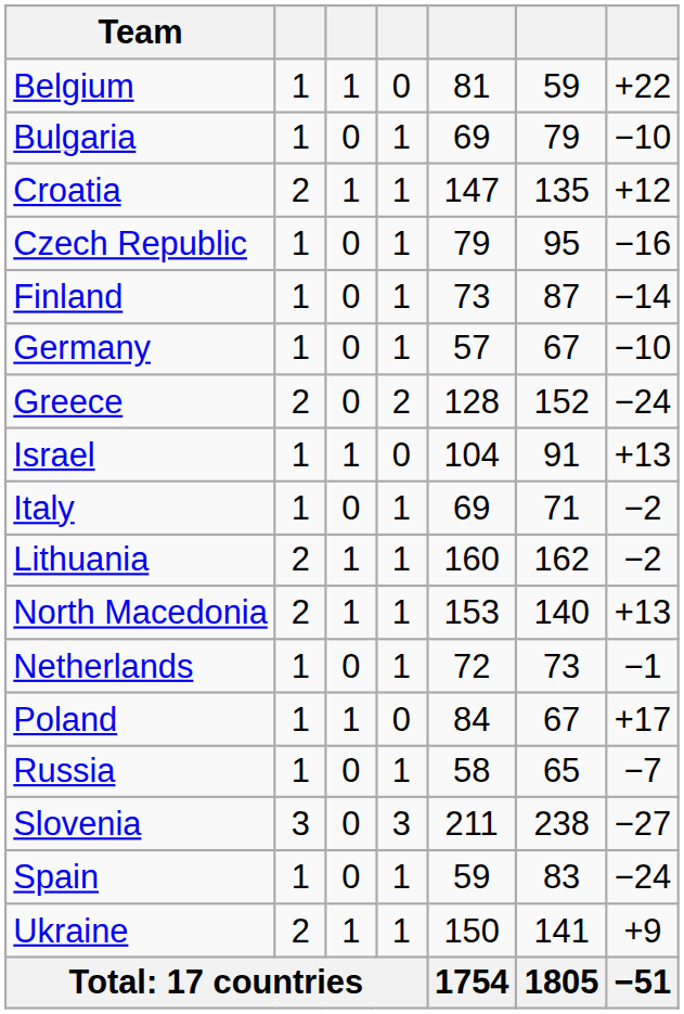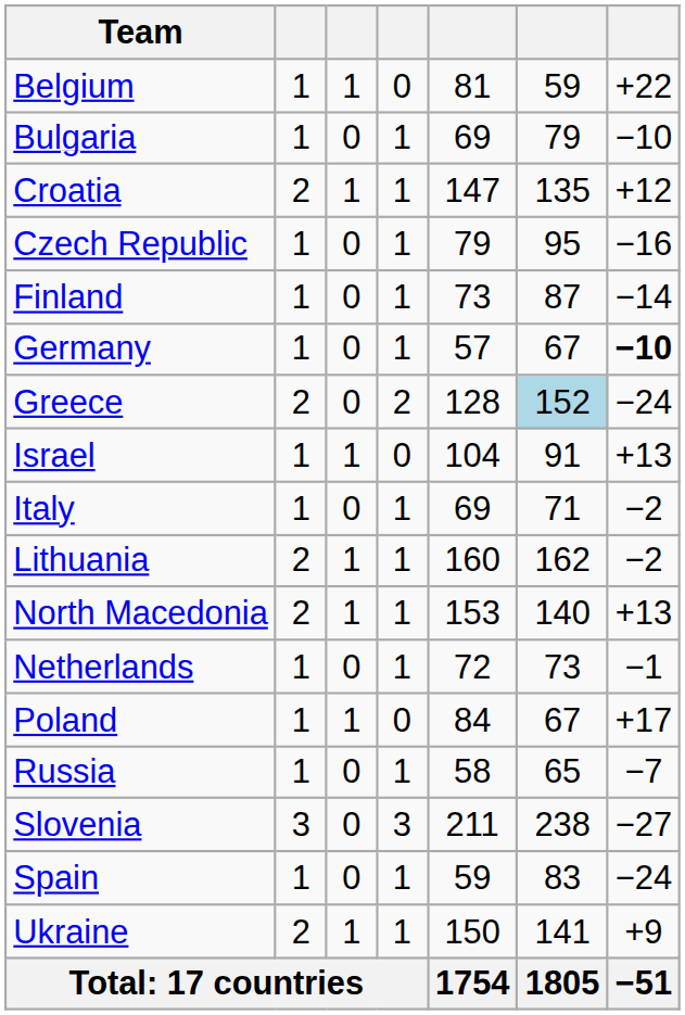 <table class="wikitable sortable" style="text-align: center; font-size:90%">
 <tr>
 <th>Team</th>
 <th width="15"></th>
 <th width="15"></th>
 <th width="15"></th>
 <th></th>
 <th></th>
 <th></th>
 </tr>
 <tr>
 <td align="left"> <a href='#'>Belgium</a></td>
 <td>1</td>
 <td>1</td>
 <td>0</td>
 <td>81</td>
 <td>59</td>
 <td>+22</td>
 </tr>
 <tr>
 <td align="left"> <a href='#'>Bulgaria</a></td>
 <td>1</td>
 <td>0</td>
 <td>1</td>
 <td>69</td>
 <td>79</td>
 <td>−10</td>
 </tr>
 <tr>
 <td align="left"> <a href='#'>Croatia</a></td>
 <td>2</td>
 <td>1</td>
 <td>1</td>
 <td>147</td>
 <td>135</td>
 <td>+12</td>
 </tr>
 <tr>
 <td align="left"> <a href='#'>Czech Republic</a></td>
 <td>1</td>
 <td>0</td>
 <td>1</td>
 <td>79</td>
 <td>95</td>
 <td>−16</td>
 </tr>
 <tr>
 <td align="left"> <a href='#'>Finland</a></td>
 <td>1</td>
 <td>0</td>
 <td>1</td>
 <td>73</td>
 <td>87</td>
 <td>−14</td>
 </tr>
 <tr>
 <td align="left"> <a href='#'>Germany</a></td>
 <td>1</td>
 <td>0</td>
 <td>1</td>
 <td>57</td>
 <td>67</td>
-<td>−10</td>
+<td><strong>−10</strong></td>
 </tr>
 <tr>
 <td align="left"> <a href='#'>Greece</a></td>
 <td>2</td>
 <td>0</td>
 <td>2</td>
 <td>128</td>
-<td>152</td>
+<td style="background: lightblue;">152</td>
 <td>−24</td>
 </tr>
 <tr>
 <td align="left"> <a href='#'>Israel</a></td>
 <td>1</td>
 <td>1</td>
 <td>0</td>
 <td>104</td>
 <td>91</td>
 <td>+13</td>
 </tr>
 <tr>
 <td align="left"> <a href='#'>Italy</a></td>
 <td>1</td>
 <td>0</td>
 <td>1</td>
 <td>69</td>
 <td>71</td>
 <td>−2</td>
 </tr>
 <tr>
 <td align="left"> <a href='#'>Lithuania</a></td>
 <td>2</td>
 <td>1</td>
 <td>1</td>
 <td>160</td>
 <td>162</td>
 <td>−2</td>
 </tr>
 <tr>
 <td align="left"> <a href='#'>North Macedonia</a></td>
 <td>2</td>
 <td>1</td>
 <td>1</td>
 <td>153</td>
 <td>140</td>
 <td>+13</td>
 </tr>
 <tr>
 <td align="left"> <a href='#'>Netherlands</a></td>
 <td>1</td>
 <td>0</td>
 <td>1</td>
 <td>72</td>
 <td>73</td>
 <td>−1</td>
 </tr>
 <tr>
 <td align="left"> <a href='#'>Poland</a></td>
 <td>1</td>
 <td>1</td>
 <td>0</td>
 <td>84</td>
 <td>67</td>
 <td>+17</td>
 </tr>
 <tr>
 <td align="left"> <a href='#'>Russia</a></td>
 <td>1</td>
 <td>0</td>
 <td>1</td>
 <td>58</td>
 <td>65</td>
 <td>−7</td>
 </tr>
 <tr>
 <td align="left"> <a href='#'>Slovenia</a></td>
 <td>3</td>
 <td>0</td>
 <td>3</td>
 <td>211</td>
 <td>238</td>
 <td>−27</td>
 </tr>
 <tr>
 <td align="left"> <a href='#'>Spain</a></td>
 <td>1</td>
 <td>0</td>
 <td>1</td>
 <td>59</td>
 <td>83</td>
 <td>−24</td>
 </tr>
 <tr>
 <td align="left"> <a href='#'>Ukraine</a></td>
 <td>2</td>
 <td>1</td>
 <td>1</td>
 <td>150</td>
 <td>141</td>
 <td>+9</td>
 </tr>
 <tr>
 <th colspan=4>Total: 17 countries</th>
 <th>1754</th>
 <th>1805</th>
 <th>−51</th>
 </tr>
 </table>
